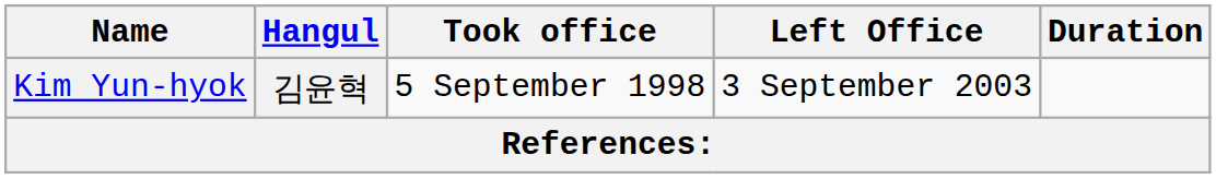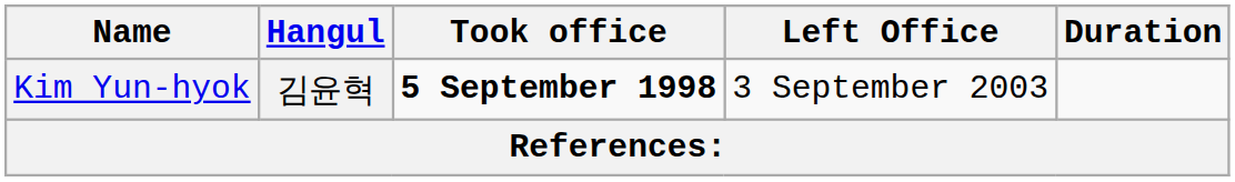 <table class="wikitable sortable">
 <tr>
 <th>Name</th>
 <th class="unsortable"><a href='#'>Hangul</a></th>
 <th>Took office</th>
 <th>Left Office</th>
 <th>Duration</th>
 </tr>
 <tr>
 <th align="center" scope="row" style="font-weight:normal;"><a href='#'>Kim Yun-hyok</a></th>
 <th align="center" scope="row" style="font-weight:normal;">김윤혁</th>
-<td align="center">5 September 1998</td>
+<td align="center"><strong>5 September 1998</strong></td>
 <td align="center">3 September 2003</td>
 <td align="center"></td>
 </tr>
 <tr>
 <th colspan="5" unsortable><strong>References:</strong><br></th>
 </tr>
 </table>
